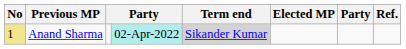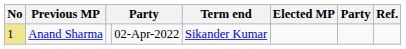 <table class="wikitable sortable">
 <tr>
 <th>No</th>
 <th>Previous MP</th>
 <th colspan="2">Party</th>
 <th>Term end</th>
 <th>Elected MP</th>
 <th colspan="2">Party</th>
 <th>Ref.</th>
 </tr>
 <tr>
 <td style="background: khaki;">1</td>
 <td><a href='#'>Anand Sharma</a></td>
 <td></td>
-<td style="background: paleturquoise;">02-Apr-2022</td>
-<td style="background: lightgrey;"><a href='#'>Sikander Kumar</a></td>
+<td>02-Apr-2022</td>
+<td><a href='#'>Sikander Kumar</a></td>
 <td></td>
 <td></td>
 </tr>
 </table>
